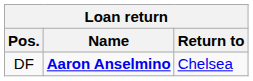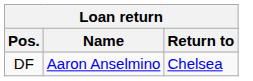 <table class="wikitable" style="font-size:95%;">
 <tr>
 <th colspan="5">Loan return</th>
 </tr>
 <tr>
 <th>Pos.</th>
 <th>Name</th>
 <th>Return to</th>
 </tr>
 <tr>
 <td align="center">DF</td>
-<td><strong> <a href='#'>Aaron Anselmino</a></strong></td>
+<td> <a href='#'>Aaron Anselmino</a></td>
 <td> <a href='#'>Chelsea</a></td>
 </tr>
 </table>
